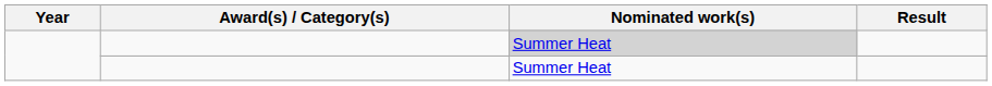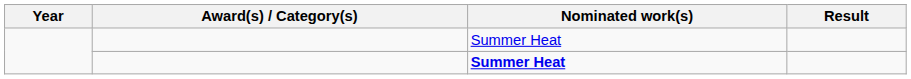 <table width="70%" class="wikitable sortable" style="font-size: 90%;">
 <tr>
 <th>Year</th>
 <th>Award(s) / Category(s)</th>
 <th>Nominated work(s)</th>
 <th>Result</th>
 </tr>
 <tr>
 <td rowspan="2"></td>
 <td></td>
-<td style="background: lightgrey;"><a href='#'>Summer Heat</a></td>
+<td><a href='#'>Summer Heat</a></td>
 <td></td>
 </tr>
 <tr>
 <td></td>
-<td><a href='#'>Summer Heat</a></td>
+<td><strong><a href='#'>Summer Heat</a></strong></td>
 <td></td>
 </tr>
 </table>
